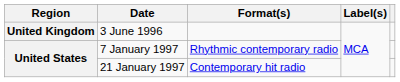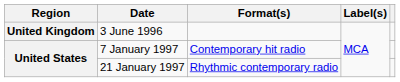 <table class="wikitable plainrowheaders">
 <tr>
 <th scope="col">Region</th>
 <th scope="col">Date</th>
 <th scope="col">Format(s)</th>
 <th scope="col">Label(s)</th>
 <th scope="col"></th>
 </tr>
 <tr>
 <th scope="row">United Kingdom</th>
 <td>3 June 1996</td>
 <td></td>
 <td rowspan="3"><a href='#'>MCA</a></td>
 <td></td>
 </tr>
 <tr>
 <th scope="row" rowspan="2">United States</th>
 <td>7 January 1997</td>
-<td><a href='#'>Rhythmic contemporary radio</a></td>
+<td><a href='#'>Contemporary hit radio</a></td>
 <td></td>
 </tr>
 <tr>
 <td>21 January 1997</td>
-<td><a href='#'>Contemporary hit radio</a></td>
+<td><a href='#'>Rhythmic contemporary radio</a></td>
 <td></td>
 </tr>
 </table>
